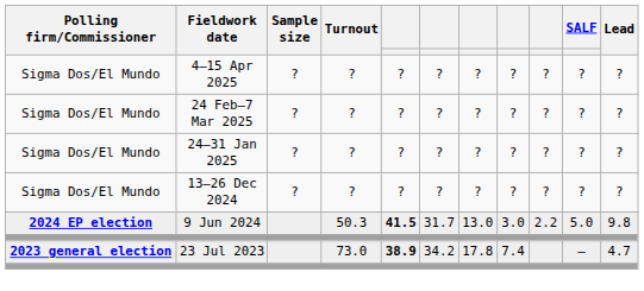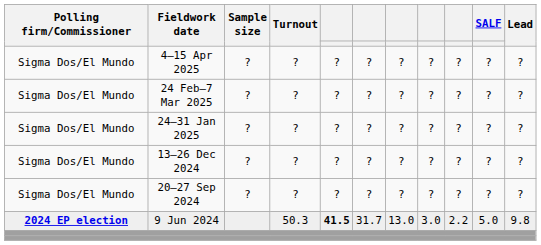 <table class="wikitable collapsible collapsed" style="text-align:center; font-size:95%; line-height:16px;">
 <tr style="height:42px;">
 <th style="width:250px;" rowspan="2">Polling firm/Commissioner</th>
 <th style="width:125px;" rowspan="2">Fieldwork date</th>
 <th style="width:50px;" rowspan="2">Sample size</th>
 <th style="width:45px;" rowspan="2">Turnout</th>
 <th style="width:35px;"></th>
 <th style="width:35px;"></th>
 <th style="width:35px;"></th>
 <th style="width:35px;"></th>
 <th style="width:35px;"></th>
 <th style="width:35px;"><a href='#'>SALF</a></th>
 <th style="width:30px;" rowspan="2">Lead</th>
 </tr>
 <tr>
 <th style="color:inherit;background:"></th>
 <th style="color:inherit;background:"></th>
 <th style="color:inherit;background:"></th>
 <th style="color:inherit;background:"></th>
 <th style="color:inherit;background:"></th>
 <th style="color:inherit;background:"></th>
 </tr>
 <tr>
 <td>Sigma Dos/El Mundo</td>
 <td>4–15 Apr 2025</td>
 <td>?</td>
 <td>?</td>
 <td>?<br></td>
 <td>?<br></td>
 <td>?<br></td>
 <td>?<br></td>
 <td>?<br></td>
 <td>?<br></td>
 <td style="background:">?</td>
 </tr>
 <tr>
 <td>Sigma Dos/El Mundo</td>
 <td>24 Feb–7 Mar 2025</td>
 <td>?</td>
 <td>?</td>
 <td>?<br></td>
 <td>?<br></td>
 <td>?<br></td>
 <td>?<br></td>
 <td>?<br></td>
 <td>?<br></td>
 <td style="background:">?</td>
 </tr>
 <tr>
 <td>Sigma Dos/El Mundo</td>
 <td>24–31 Jan 2025</td>
 <td>?</td>
 <td>?</td>
 <td>?<br></td>
 <td>?<br></td>
 <td>?<br></td>
 <td>?<br></td>
 <td>?<br></td>
 <td>?<br></td>
 <td style="background:">?</td>
 </tr>
 <tr>
 <td>Sigma Dos/El Mundo</td>
 <td>13–26 Dec 2024</td>
 <td>?</td>
 <td>?</td>
 <td>?<br></td>
 <td>?<br></td>
 <td>?<br></td>
 <td>?<br></td>
 <td>?<br></td>
 <td>?<br></td>
 <td style="background:">?</td>
 </tr>
+<tr>
+<td>Sigma Dos/El Mundo</td>
+<td>20–27 Sep 2024</td>
+<td>?</td>
+<td>?</td>
+<td>?<br></td>
+<td>?<br></td>
+<td>?<br></td>
+<td>?<br></td>
+<td>?<br></td>
+<td>?<br></td>
+<td style="background:">?</td>
+</tr>
 <tr style="background:#EFEFEF;">
 <td><strong><a href='#'>2024 EP election</a></strong></td>
 <td>9 Jun 2024</td>
 <td></td>
 <td>50.3</td>
 <td><strong>41.5</strong><br></td>
 <td>31.7<br></td>
 <td>13.0<br></td>
 <td>3.0<br></td>
 <td>2.2<br></td>
 <td>5.0<br></td>
 <td style="background:">9.8</td>
 </tr>
 <tr>
 <td colspan="11" style="background:#A0A0A0"></td>
 </tr>
-<tr style="background:#EFEFEF;">
-<td><strong><a href='#'>2023 general election</a></strong></td>
-<td>23 Jul 2023</td>
-<td></td>
-<td>73.0</td>
-<td><strong>38.9</strong><br></td>
-<td>34.2<br></td>
-<td>17.8<br></td>
-<td>7.4<br></td>
-<td></td>
-<td>–</td>
-<td style="background:">4.7</td>
-</tr>
 <tr>
 <td colspan="11" style="background:#A0A0A0"></td>
 </tr>
 </table>
